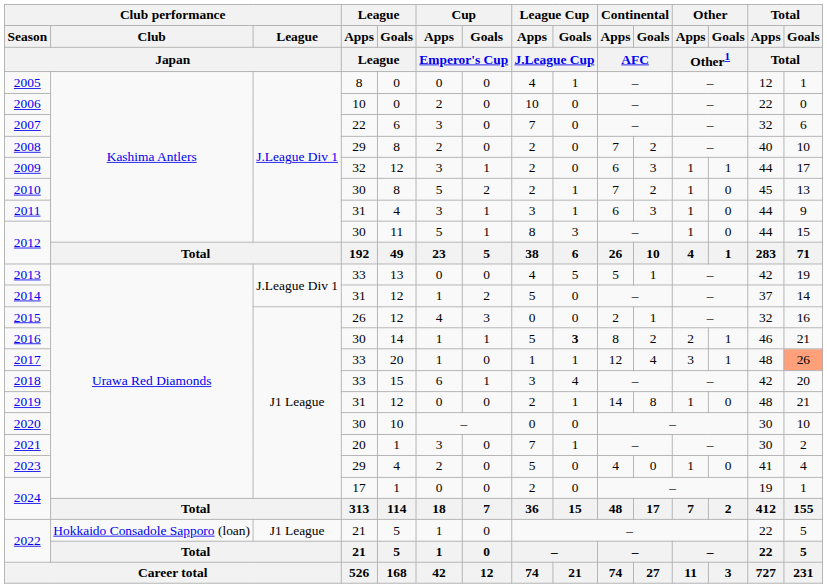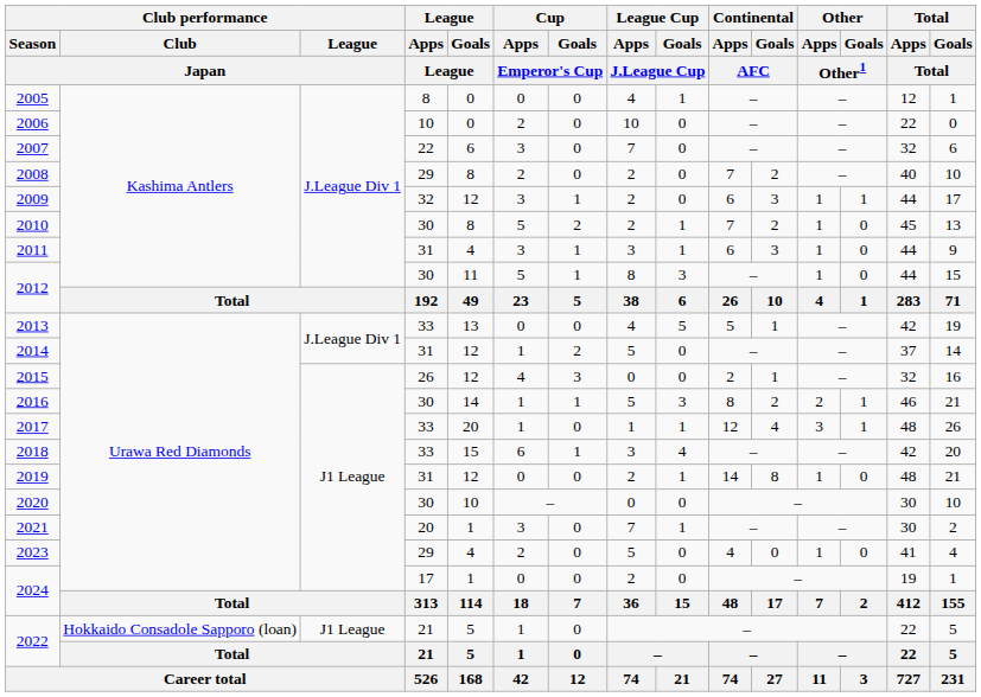 <table class="wikitable" style="text-align:center">
 <tr>
 <th colspan=3>Club performance</th>
 <th colspan=2>League</th>
 <th colspan=2>Cup</th>
 <th colspan=2>League Cup</th>
 <th colspan=2>Continental</th>
 <th colspan=2>Other</th>
 <th colspan=2>Total</th>
 </tr>
 <tr>
 <th>Season</th>
 <th>Club</th>
 <th>League</th>
 <th>Apps</th>
 <th>Goals</th>
 <th>Apps</th>
 <th>Goals</th>
 <th>Apps</th>
 <th>Goals</th>
 <th>Apps</th>
 <th>Goals</th>
 <th>Apps</th>
 <th>Goals</th>
 <th>Apps</th>
 <th>Goals</th>
 </tr>
 <tr>
 <th colspan=3>Japan</th>
 <th colspan=2>League</th>
 <th colspan=2><a href='#'>Emperor's Cup</a></th>
 <th colspan=2><a href='#'>J.League Cup</a></th>
 <th colspan=2><a href='#'>AFC</a></th>
 <th colspan="2">Other<sup><a href='#'>1</a></sup></th>
 <th colspan=2>Total</th>
 </tr>
 <tr>
 <td><a href='#'>2005</a></td>
 <td rowspan="8"><a href='#'>Kashima Antlers</a></td>
 <td rowspan="8"><a href='#'>J.League Div 1</a></td>
 <td>8</td>
 <td>0</td>
 <td>0</td>
 <td>0</td>
 <td>4</td>
 <td>1</td>
 <td colspan="2">–</td>
 <td colspan="2">–</td>
 <td>12</td>
 <td>1</td>
 </tr>
 <tr>
 <td><a href='#'>2006</a></td>
 <td>10</td>
 <td>0</td>
 <td>2</td>
 <td>0</td>
 <td>10</td>
 <td>0</td>
 <td colspan="2">–</td>
 <td colspan="2">–</td>
 <td>22</td>
 <td>0</td>
 </tr>
 <tr>
 <td><a href='#'>2007</a></td>
 <td>22</td>
 <td>6</td>
 <td>3</td>
 <td>0</td>
 <td>7</td>
 <td>0</td>
 <td colspan="2">–</td>
 <td colspan="2">–</td>
 <td>32</td>
 <td>6</td>
 </tr>
 <tr>
 <td><a href='#'>2008</a></td>
 <td>29</td>
 <td>8</td>
 <td>2</td>
 <td>0</td>
 <td>2</td>
 <td>0</td>
 <td>7</td>
 <td>2</td>
 <td colspan="2">–</td>
 <td>40</td>
 <td>10</td>
 </tr>
 <tr>
 <td><a href='#'>2009</a></td>
 <td>32</td>
 <td>12</td>
 <td>3</td>
 <td>1</td>
 <td>2</td>
 <td>0</td>
 <td>6</td>
 <td>3</td>
 <td>1</td>
 <td>1</td>
 <td>44</td>
 <td>17</td>
 </tr>
 <tr>
 <td><a href='#'>2010</a></td>
 <td>30</td>
 <td>8</td>
 <td>5</td>
 <td>2</td>
 <td>2</td>
 <td>1</td>
 <td>7</td>
 <td>2</td>
 <td>1</td>
 <td>0</td>
 <td>45</td>
 <td>13</td>
 </tr>
 <tr>
 <td><a href='#'>2011</a></td>
 <td>31</td>
 <td>4</td>
 <td>3</td>
 <td>1</td>
 <td>3</td>
 <td>1</td>
 <td>6</td>
 <td>3</td>
 <td>1</td>
 <td>0</td>
 <td>44</td>
 <td>9</td>
 </tr>
 <tr>
 <td rowspan="2"><a href='#'>2012</a></td>
 <td>30</td>
 <td>11</td>
 <td>5</td>
 <td>1</td>
 <td>8</td>
 <td>3</td>
 <td colspan="2">–</td>
 <td>1</td>
 <td>0</td>
 <td>44</td>
 <td>15</td>
 </tr>
 <tr>
 <th colspan="2">Total</th>
 <th>192</th>
 <th>49</th>
 <th>23</th>
 <th>5</th>
 <th>38</th>
 <th>6</th>
 <th>26</th>
 <th>10</th>
 <th>4</th>
 <th>1</th>
 <th>283</th>
 <th>71</th>
 </tr>
 <tr>
 <td><a href='#'>2013</a></td>
 <td rowspan="11"><a href='#'>Urawa Red Diamonds</a></td>
 <td rowspan="2">J.League Div 1</td>
 <td>33</td>
 <td>13</td>
 <td>0</td>
 <td>0</td>
 <td>4</td>
 <td>5</td>
 <td>5</td>
 <td>1</td>
 <td colspan="2">–</td>
 <td>42</td>
 <td>19</td>
 </tr>
 <tr>
 <td><a href='#'>2014</a></td>
 <td>31</td>
 <td>12</td>
 <td>1</td>
 <td>2</td>
 <td>5</td>
 <td>0</td>
 <td colspan="2">–</td>
 <td colspan="2">–</td>
 <td>37</td>
 <td>14</td>
 </tr>
 <tr>
 <td><a href='#'>2015</a></td>
 <td rowspan="9">J1 League</td>
 <td>26</td>
 <td>12</td>
 <td>4</td>
 <td>3</td>
 <td>0</td>
 <td>0</td>
 <td>2</td>
 <td>1</td>
 <td colspan="2">–</td>
 <td>32</td>
 <td>16</td>
 </tr>
 <tr>
 <td><a href='#'>2016</a></td>
 <td>30</td>
 <td>14</td>
 <td>1</td>
 <td>1</td>
 <td>5</td>
-<td><strong>3</strong></td>
+<td>3</td>
 <td>8</td>
 <td>2</td>
 <td>2</td>
 <td>1</td>
 <td>46</td>
 <td>21</td>
 </tr>
 <tr>
 <td><a href='#'>2017</a></td>
 <td>33</td>
 <td>20</td>
 <td>1</td>
 <td>0</td>
 <td>1</td>
 <td>1</td>
 <td>12</td>
 <td>4</td>
 <td>3</td>
 <td>1</td>
 <td>48</td>
-<td style="background: lightsalmon;">26</td>
+<td>26</td>
 </tr>
 <tr>
 <td><a href='#'>2018</a></td>
 <td>33</td>
 <td>15</td>
 <td>6</td>
 <td>1</td>
 <td>3</td>
 <td>4</td>
 <td colspan="2">–</td>
 <td colspan="2">–</td>
 <td>42</td>
 <td>20</td>
 </tr>
 <tr>
 <td><a href='#'>2019</a></td>
 <td>31</td>
 <td>12</td>
 <td>0</td>
 <td>0</td>
 <td>2</td>
 <td>1</td>
 <td>14</td>
 <td>8</td>
 <td>1</td>
 <td>0</td>
 <td>48</td>
 <td>21</td>
 </tr>
 <tr>
 <td><a href='#'>2020</a></td>
 <td>30</td>
 <td>10</td>
 <td colspan="2">–</td>
 <td>0</td>
 <td>0</td>
 <td colspan="4">–</td>
 <td>30</td>
 <td>10</td>
 </tr>
 <tr>
 <td><a href='#'>2021</a></td>
 <td>20</td>
 <td>1</td>
 <td>3</td>
 <td>0</td>
 <td>7</td>
 <td>1</td>
 <td colspan="2">–</td>
 <td colspan="2">–</td>
 <td>30</td>
 <td>2</td>
 </tr>
 <tr>
 <td><a href='#'>2023</a></td>
 <td>29</td>
 <td>4</td>
 <td>2</td>
 <td>0</td>
 <td>5</td>
 <td>0</td>
 <td>4</td>
 <td>0</td>
 <td>1</td>
 <td>0</td>
 <td>41</td>
 <td>4</td>
 </tr>
 <tr>
 <td rowspan="2"><a href='#'>2024</a></td>
 <td>17</td>
 <td>1</td>
 <td>0</td>
 <td>0</td>
 <td>2</td>
 <td>0</td>
 <td colspan="4">–</td>
 <td>19</td>
 <td>1</td>
 </tr>
 <tr>
 <th colspan="2">Total</th>
 <th>313</th>
 <th>114</th>
 <th>18</th>
 <th>7</th>
 <th>36</th>
 <th>15</th>
 <th>48</th>
 <th>17</th>
 <th>7</th>
 <th>2</th>
 <th>412</th>
 <th>155</th>
 </tr>
 <tr>
 <td rowspan="2"><a href='#'>2022</a></td>
 <td><a href='#'>Hokkaido Consadole Sapporo</a> (loan)</td>
 <td>J1 League</td>
 <td>21</td>
 <td>5</td>
 <td>1</td>
 <td>0</td>
 <td colspan="6">–</td>
 <td>22</td>
 <td>5</td>
 </tr>
 <tr>
 <th colspan="2">Total</th>
 <th>21</th>
 <th>5</th>
 <th>1</th>
 <th>0</th>
 <th colspan=2>–</th>
 <th colspan=2>–</th>
 <th colspan=2>–</th>
 <th>22</th>
 <th>5</th>
 </tr>
 <tr>
 <th colspan="3">Career total</th>
 <th>526</th>
 <th>168</th>
 <th>42</th>
 <th>12</th>
 <th>74</th>
 <th>21</th>
 <th>74</th>
 <th>27</th>
 <th>11</th>
 <th>3</th>
 <th>727</th>
 <th>231</th>
 </tr>
 </table>
